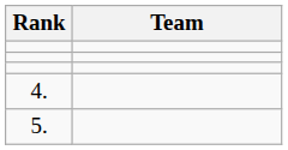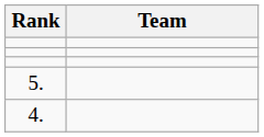 <table class="wikitable" style="text-align: center;">
 <tr>
 <th width=40>Rank</th>
 <th width=140>Team</th>
 </tr>
 <tr>
 <td></td>
 <td style="text-align:left;"></td>
 </tr>
 <tr>
 <td></td>
 <td style="text-align:left;"></td>
 </tr>
 <tr>
 <td></td>
 <td style="text-align:left;"></td>
 </tr>
 <tr>
+<td>5.</td>
+<td style="text-align:left;"></td>
+</tr>
+<tr>
 <td>4.</td>
 <td style="text-align:left;"></td>
 </tr>
-<tr>
-<td>5.</td>
-<td style="text-align:left;"></td>
-</tr>
 </table>
